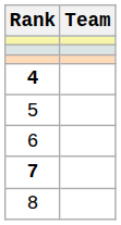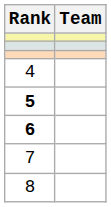 <table class="wikitable">
 <tr>
 <th>Rank</th>
 <th>Team</th>
 </tr>
 <tr bgcolor=#F7F6A8>
 <td align=center></td>
 <td></td>
 </tr>
 <tr bgcolor=#DCE5E5>
 <td align=center></td>
 <td></td>
 </tr>
 <tr bgcolor=#FFDAB9>
 <td align=center></td>
 <td></td>
 </tr>
 <tr style="background:#ffffff;">
-<td align="center"><strong>4</strong></td>
+<td align="center">4</td>
 <td></td>
 </tr>
 <tr style="background:#ffffff;">
-<td align="center">5</td>
+<td align="center"><strong>5</strong></td>
 <td></td>
 </tr>
 <tr style="background:#ffffff;">
-<td align="center">6</td>
+<td align="center"><strong>6</strong></td>
 <td></td>
 </tr>
 <tr style="background:#ffffff;">
-<td align="center"><strong>7</strong></td>
+<td align="center">7</td>
 <td></td>
 </tr>
 <tr style="background:#ffffff;">
 <td align="center">8</td>
 <td></td>
 </tr>
 </table>
